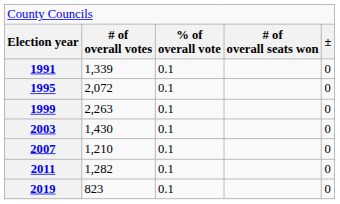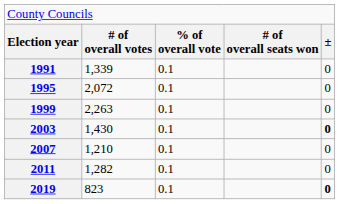 <table class=wikitable>
 <tr>
 <td colspan=6><a href='#'>County Councils</a></td>
 </tr>
 <tr>
 <th>Election year</th>
 <th># of<br>overall votes</th>
 <th>% of<br>overall vote</th>
 <th># of<br>overall seats won</th>
 <th>±</th>
 </tr>
 <tr>
 <th><a href='#'>1991</a></th>
 <td>1,339</td>
 <td>0.1</td>
 <td></td>
 <td>0</td>
 </tr>
 <tr>
 <th><a href='#'>1995</a></th>
 <td>2,072</td>
 <td>0.1</td>
 <td></td>
 <td>0</td>
 </tr>
 <tr>
 <th><a href='#'>1999</a></th>
 <td>2,263</td>
 <td>0.1</td>
 <td></td>
 <td>0</td>
 </tr>
 <tr>
 <th><a href='#'>2003</a></th>
 <td>1,430</td>
 <td>0.1</td>
 <td></td>
-<td>0</td>
+<td><strong>0</strong></td>
 </tr>
 <tr>
 <th><a href='#'>2007</a></th>
 <td>1,210</td>
 <td>0.1</td>
 <td></td>
 <td>0</td>
 </tr>
 <tr>
 <th><a href='#'>2011</a></th>
 <td>1,282</td>
 <td>0.1</td>
 <td></td>
 <td>0</td>
 </tr>
 <tr>
 <th><a href='#'>2019</a></th>
 <td>823</td>
 <td>0.1</td>
 <td></td>
-<td>0</td>
+<td><strong>0</strong></td>
 </tr>
 </table>
